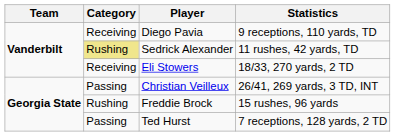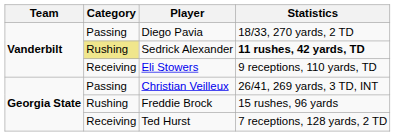 <table class="wikitable" style="float: right;">
 <tr>
 <th>Team</th>
 <th>Category</th>
 <th>Player</th>
 <th>Statistics</th>
 </tr>
 <tr>
 <td rowspan=3><strong>Vanderbilt</strong></td>
-<td>Receiving</td>
+<td>Passing</td>
 <td>Diego Pavia</td>
-<td>9 receptions, 110 yards, TD</td>
+<td>18/33, 270 yards, 2 TD</td>
 </tr>
 <tr>
 <td style="background: khaki;">Rushing</td>
 <td>Sedrick Alexander</td>
-<td>11 rushes, 42 yards, TD</td>
+<td><strong>11 rushes, 42 yards, TD</strong></td>
 </tr>
 <tr>
 <td>Receiving</td>
 <td><a href='#'>Eli Stowers</a></td>
-<td>18/33, 270 yards, 2 TD</td>
+<td>9 receptions, 110 yards, TD</td>
 </tr>
 <tr>
 <td rowspan=3><strong>Georgia State</strong></td>
 <td>Passing</td>
 <td><a href='#'>Christian Veilleux</a></td>
 <td>26/41, 269 yards, 3 TD, INT</td>
 </tr>
 <tr>
 <td>Rushing</td>
 <td>Freddie Brock</td>
 <td>15 rushes, 96 yards</td>
 </tr>
 <tr>
-<td>Passing</td>
+<td>Receiving</td>
 <td>Ted Hurst</td>
 <td>7 receptions, 128 yards, 2 TD</td>
 </tr>
 </table>
